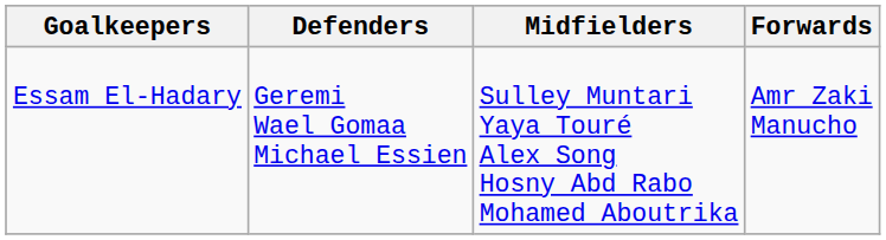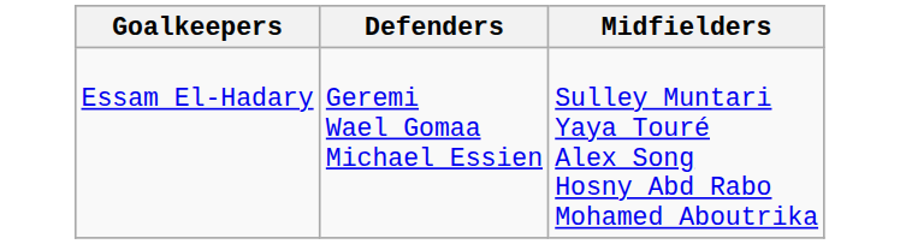 <table class="wikitable" style="margin:0 auto">
 <tr>
 <th>Goalkeepers</th>
 <th>Defenders</th>
 <th>Midfielders</th>
-<th>Forwards</th>
 </tr>
 <tr>
 <td align=left valign=top><br> <a href='#'>Essam El-Hadary</a> <br></td>
 <td align=left valign=top><br> <a href='#'>Geremi</a> <br>  <a href='#'>Wael Gomaa</a> <br>  <a href='#'>Michael Essien</a> <br></td>
 <td align=left valign=top><br> <a href='#'>Sulley Muntari</a> <br>  <a href='#'>Yaya Touré</a> <br>  <a href='#'>Alex Song</a> <br>  <a href='#'>Hosny Abd Rabo</a> <br>  <a href='#'>Mohamed Aboutrika</a> <br></td>
-<td align=left valign=top><br> <a href='#'>Amr Zaki</a> <br>  <a href='#'>Manucho</a> <br></td>
 </tr>
 </table>
